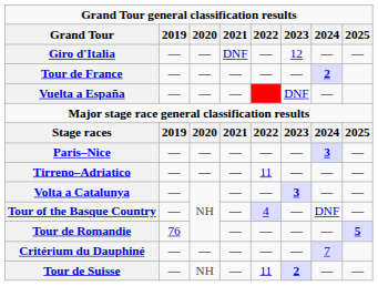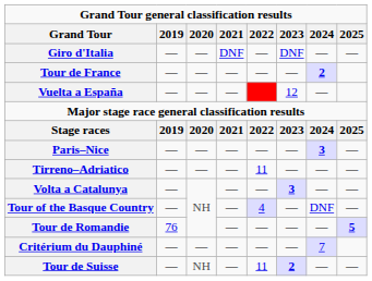 <table class="wikitable plainrowheaders">
 <tr>
 <td colspan=16 align="center"><strong>Grand Tour general classification results</strong></td>
 </tr>
 <tr>
 <th scope="col">Grand Tour</th>
 <th scope="col">2019</th>
 <th scope="col">2020</th>
 <th scope="col">2021</th>
 <th scope="col">2022</th>
 <th scope="col">2023</th>
 <th scope="col">2024</th>
 <th scope="col">2025</th>
 </tr>
 <tr style="text-align:center;">
 <th scope="row"> <a href='#'>Giro d'Italia</a></th>
 <td>—</td>
 <td>—</td>
 <td><a href='#'>DNF</a></td>
 <td>—</td>
-<td><a href='#'>12</a></td>
+<td><a href='#'>DNF</a></td>
 <td>—</td>
 <td>—</td>
 </tr>
 <tr style="text-align:center;">
 <th scope="row"> <a href='#'>Tour de France</a></th>
 <td>—</td>
 <td>—</td>
 <td>—</td>
 <td>—</td>
 <td>—</td>
 <td style="background:#ddf;"><a href='#'><strong>2</strong></a></td>
 <td></td>
 </tr>
 <tr style="text-align:center;">
 <th scope="row"> <a href='#'>Vuelta a España</a></th>
 <td>—</td>
 <td>—</td>
 <td>—</td>
 <td style="background:red;"></td>
-<td><a href='#'>DNF</a></td>
+<td><a href='#'>12</a></td>
 <td>—</td>
 <td></td>
 </tr>
 <tr>
 <td colspan=16 align="center"><strong>Major stage race general classification results</strong></td>
 </tr>
 <tr>
 <th scope="col">Stage races</th>
 <th scope="col">2019</th>
 <th scope="col">2020</th>
 <th scope="col">2021</th>
 <th scope="col">2022</th>
 <th scope="col">2023</th>
 <th scope="col">2024</th>
 <th scope="col">2025</th>
 </tr>
 <tr style="text-align:center;">
 <th scope="row"> <a href='#'>Paris–Nice</a></th>
 <td>—</td>
 <td>—</td>
 <td>—</td>
 <td>—</td>
 <td>—</td>
 <td style="background:#ddf;"><a href='#'><strong>3</strong></a></td>
 <td>—</td>
 </tr>
 <tr style="text-align:center;">
 <th scope="row"> <a href='#'>Tirreno–Adriatico</a></th>
 <td>—</td>
 <td>—</td>
 <td>—</td>
 <td><a href='#'>11</a></td>
 <td>—</td>
 <td>—</td>
 <td>—</td>
 </tr>
 <tr style="text-align:center;">
 <th scope="row"> <a href='#'>Volta a Catalunya</a></th>
 <td>—</td>
 <td style="color:#4d4d4d;" rowspan=3>NH</td>
 <td>—</td>
 <td>—</td>
 <td style="background:#ddf;"><a href='#'><strong>3</strong></a></td>
 <td>—</td>
 <td>—</td>
 </tr>
 <tr style="text-align:center;">
 <th scope="row"> <a href='#'>Tour of the Basque Country</a></th>
 <td>—</td>
 <td>—</td>
 <td style="background:#ddf;"><a href='#'>4</a></td>
 <td>—</td>
 <td><a href='#'>DNF</a></td>
 <td>—</td>
 </tr>
 <tr style="text-align:center;">
 <th scope="row"> <a href='#'>Tour de Romandie</a></th>
 <td><a href='#'>76</a></td>
 <td>—</td>
 <td>—</td>
 <td>—</td>
 <td>—</td>
 <td style="background:#ddf;"><strong><a href='#'>5</a></strong></td>
 </tr>
 <tr style="text-align:center;">
 <th scope="row"> <a href='#'>Critérium du Dauphiné</a></th>
 <td>—</td>
 <td>—</td>
 <td>—</td>
 <td>—</td>
 <td>—</td>
 <td style="background:#ddf;"><a href='#'>7</a></td>
 <td></td>
 </tr>
 <tr align="center">
 <th scope="row"> <a href='#'>Tour de Suisse</a></th>
 <td>—</td>
 <td style="color:#4d4d4d;">NH</td>
 <td>—</td>
 <td><a href='#'>11</a></td>
 <td style="background:#ddf;"><a href='#'><strong>2</strong></a></td>
 <td>—</td>
 <td>—</td>
 </tr>
 </table>
